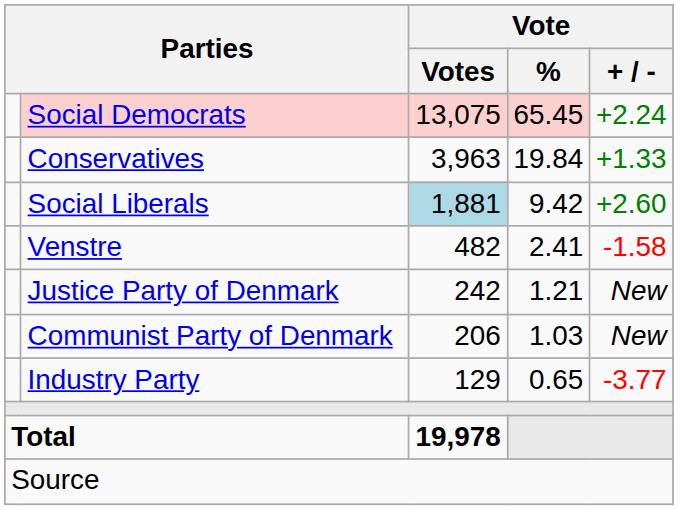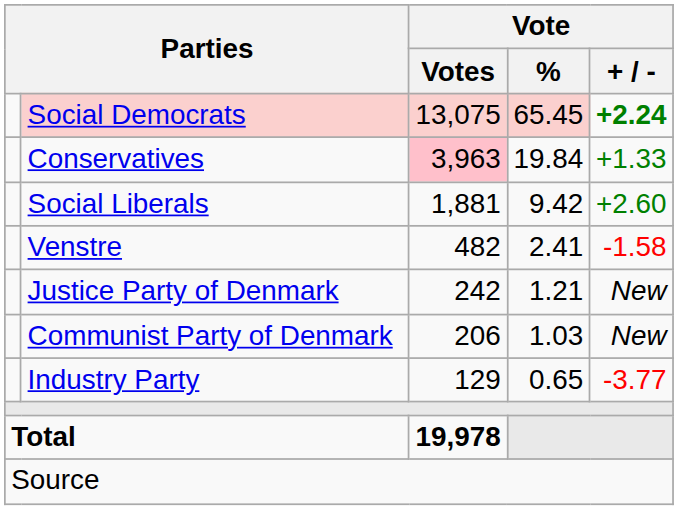 <table class="wikitable" style="text-align:right;">
 <tr>
 <th style="text-align:centre;" rowspan="2" colspan="2" width="225">Parties</th>
 <th colspan="3">Vote</th>
 </tr>
 <tr>
 <th width="15">Votes</th>
 <th width="15">%</th>
 <th width="15">+ / -</th>
 </tr>
 <tr>
 <td width="2" style="color:inherit;background:"></td>
 <td bgcolor=#fbd0ce  align="left"><a href='#'>Social Democrats</a></td>
 <td bgcolor=#fbd0ce>13,075</td>
 <td bgcolor=#fbd0ce>65.45</td>
-<td style=color:green;>+2.24</td>
+<td style=color:green;><strong>+2.24</strong></td>
 </tr>
 <tr>
 <td width="2" style="color:inherit;background:"></td>
 <td align="left"><a href='#'>Conservatives</a></td>
-<td>3,963</td>
+<td style="background: pink;">3,963</td>
 <td>19.84</td>
 <td style=color:green;>+1.33</td>
 </tr>
 <tr>
 <td width="2" style="color:inherit;background:"></td>
 <td align="left"><a href='#'>Social Liberals</a></td>
-<td style="background: lightblue;">1,881</td>
+<td>1,881</td>
 <td>9.42</td>
 <td style=color:green;>+2.60</td>
 </tr>
 <tr>
 <td width="2" style="color:inherit;background:"></td>
 <td align="left"><a href='#'>Venstre</a></td>
 <td>482</td>
 <td>2.41</td>
 <td style=color:red;>-1.58</td>
 </tr>
 <tr>
 <td width="2" style="color:inherit;background:"></td>
 <td align="left"><a href='#'>Justice Party of Denmark</a></td>
 <td>242</td>
 <td>1.21</td>
 <td><em>New</em></td>
 </tr>
 <tr>
 <td width="2" style="color:inherit;background:"></td>
 <td align="left"><a href='#'>Communist Party of Denmark</a></td>
 <td>206</td>
 <td>1.03</td>
 <td><em>New</em></td>
 </tr>
 <tr>
 <td width="2" style="color:inherit;background:"></td>
 <td align="left"><a href='#'>Industry Party</a></td>
 <td>129</td>
 <td>0.65</td>
 <td style=color:red;>-3.77</td>
 </tr>
 <tr>
 <td colspan="7" bgcolor="#E9E9E9"></td>
 </tr>
 <tr>
 <td align="left" colspan="2"><strong>Total</strong></td>
 <td><strong>19,978</strong></td>
 <td bgcolor="#E9E9E9" colspan="2"></td>
 </tr>
 <tr>
 <td align="left" colspan="6">Source</td>
 </tr>
 </table>
